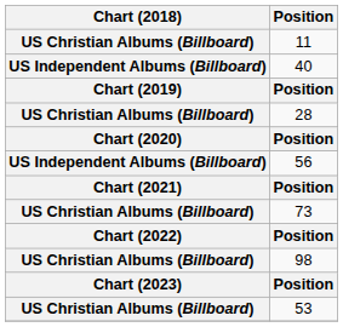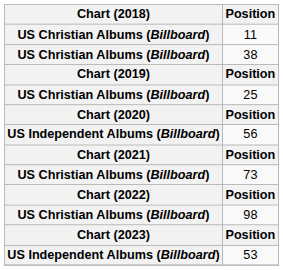 <table class="wikitable sortable plainrowheaders" style="text-align:center">
 <tr>
 <th scope="col">Chart (2018)</th>
 <th scope="col">Position</th>
 </tr>
 <tr>
 <th scope="row">US Christian Albums (<em>Billboard</em>)</th>
 <td>11</td>
 </tr>
 <tr>
-<th scope="row">US Independent Albums (<em>Billboard</em>)</th>
-<td>40</td>
+<th scope="row">US Christian Albums (<em>Billboard</em>)</th>
+<td>38</td>
 </tr>
 <tr>
 <th scope="col">Chart (2019)</th>
 <th scope="col">Position</th>
 </tr>
 <tr>
 <th scope="row">US Christian Albums (<em>Billboard</em>)</th>
-<td>28</td>
+<td>25</td>
 </tr>
 <tr>
 <th scope="col">Chart (2020)</th>
 <th scope="col">Position</th>
 </tr>
 <tr>
 <th scope="row">US Independent Albums (<em>Billboard</em>)</th>
 <td>56</td>
 </tr>
 <tr>
 <th scope="col">Chart (2021)</th>
 <th scope="col">Position</th>
 </tr>
 <tr>
 <th scope="row">US Christian Albums (<em>Billboard</em>)</th>
 <td>73</td>
 </tr>
 <tr>
 <th scope="col">Chart (2022)</th>
 <th scope="col">Position</th>
 </tr>
 <tr>
 <th scope="row">US Christian Albums (<em>Billboard</em>)</th>
 <td>98</td>
 </tr>
 <tr>
 <th scope="col">Chart (2023)</th>
 <th scope="col">Position</th>
 </tr>
 <tr>
-<th scope="row">US Christian Albums (<em>Billboard</em>)</th>
+<th scope="row">US Independent Albums (<em>Billboard</em>)</th>
 <td>53</td>
 </tr>
 <tr>
 </tr>
 </table>
